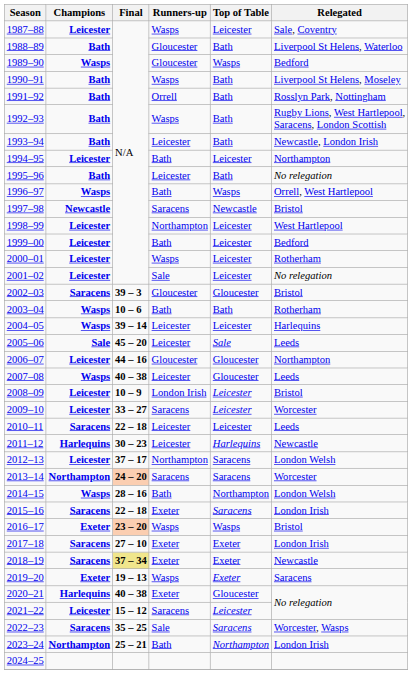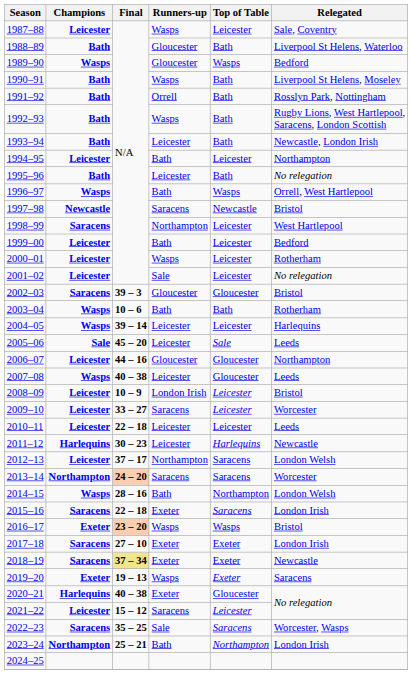 <table class="wikitable sortable">
 <tr>
 <th>Season</th>
 <th>Champions</th>
 <th>Final</th>
 <th>Runners-up</th>
 <th>Top of Table</th>
 <th>Relegated</th>
 </tr>
 <tr>
 <td><a href='#'>1987–88</a></td>
 <td style="text-align:right;"><strong><a href='#'>Leicester</a></strong></td>
 <td rowspan="15">N/A</td>
 <td><a href='#'>Wasps</a></td>
 <td><a href='#'>Leicester</a></td>
 <td><a href='#'>Sale</a>, <a href='#'>Coventry</a></td>
 </tr>
 <tr>
 <td><a href='#'>1988–89</a></td>
 <td style="text-align:right;"><strong><a href='#'>Bath</a></strong></td>
 <td><a href='#'>Gloucester</a></td>
 <td><a href='#'>Bath</a></td>
 <td><a href='#'>Liverpool St Helens</a>, <a href='#'>Waterloo</a></td>
 </tr>
 <tr>
 <td><a href='#'>1989–90</a></td>
 <td style="text-align:right;"><strong><a href='#'>Wasps</a></strong></td>
 <td><a href='#'>Gloucester</a></td>
 <td><a href='#'>Wasps</a></td>
 <td><a href='#'>Bedford</a></td>
 </tr>
 <tr>
 <td><a href='#'>1990–91</a></td>
 <td style="text-align:right;"><strong><a href='#'>Bath</a></strong></td>
 <td><a href='#'>Wasps</a></td>
 <td><a href='#'>Bath</a></td>
 <td><a href='#'>Liverpool St Helens</a>, <a href='#'>Moseley</a></td>
 </tr>
 <tr>
 <td><a href='#'>1991–92</a></td>
 <td style="text-align:right;"><strong><a href='#'>Bath</a></strong></td>
 <td><a href='#'>Orrell</a></td>
 <td><a href='#'>Bath</a></td>
 <td><a href='#'>Rosslyn Park</a>, <a href='#'>Nottingham</a></td>
 </tr>
 <tr>
 <td><a href='#'>1992–93</a></td>
 <td style="text-align:right;"><strong><a href='#'>Bath</a></strong></td>
 <td><a href='#'>Wasps</a></td>
 <td><a href='#'>Bath</a></td>
 <td><a href='#'>Rugby Lions</a>, <a href='#'>West Hartlepool</a>,<br><a href='#'>Saracens</a>, <a href='#'>London Scottish</a></td>
 </tr>
 <tr>
 <td><a href='#'>1993–94</a></td>
 <td style="text-align:right;"><strong><a href='#'>Bath</a></strong></td>
 <td><a href='#'>Leicester</a></td>
 <td><a href='#'>Bath</a></td>
 <td><a href='#'>Newcastle</a>, <a href='#'>London Irish</a></td>
 </tr>
 <tr>
 <td><a href='#'>1994–95</a></td>
 <td style="text-align:right;"><strong><a href='#'>Leicester</a></strong></td>
 <td><a href='#'>Bath</a></td>
 <td><a href='#'>Leicester</a></td>
 <td><a href='#'>Northampton</a></td>
 </tr>
 <tr>
 <td><a href='#'>1995–96</a></td>
 <td style="text-align:right;"><strong><a href='#'>Bath</a></strong></td>
 <td><a href='#'>Leicester</a></td>
 <td><a href='#'>Bath</a></td>
 <td><em>No relegation</em></td>
 </tr>
 <tr>
 <td><a href='#'>1996–97</a></td>
 <td style="text-align:right;"><strong><a href='#'>Wasps</a></strong></td>
 <td><a href='#'>Bath</a></td>
 <td><a href='#'>Wasps</a></td>
 <td><a href='#'>Orrell</a>, <a href='#'>West Hartlepool</a></td>
 </tr>
 <tr>
 <td><a href='#'>1997–98</a></td>
 <td style="text-align:right;"><strong><a href='#'>Newcastle</a></strong></td>
 <td><a href='#'>Saracens</a></td>
 <td><a href='#'>Newcastle</a></td>
 <td><a href='#'>Bristol</a></td>
 </tr>
 <tr>
 <td><a href='#'>1998–99</a></td>
-<td style="text-align:right;"><strong><a href='#'>Leicester</a></strong></td>
+<td style="text-align:right;"><strong><a href='#'>Saracens</a></strong></td>
 <td><a href='#'>Northampton</a></td>
 <td><a href='#'>Leicester</a></td>
 <td><a href='#'>West Hartlepool</a></td>
 </tr>
 <tr>
 <td><a href='#'>1999–00</a></td>
 <td style="text-align:right;"><strong><a href='#'>Leicester</a></strong></td>
 <td><a href='#'>Bath</a></td>
 <td><a href='#'>Leicester</a></td>
 <td><a href='#'>Bedford</a></td>
 </tr>
 <tr>
 <td><a href='#'>2000–01</a></td>
 <td style="text-align:right;"><strong><a href='#'>Leicester</a></strong></td>
 <td><a href='#'>Wasps</a></td>
 <td><a href='#'>Leicester</a></td>
 <td><a href='#'>Rotherham</a></td>
 </tr>
 <tr>
 <td><a href='#'>2001–02</a></td>
 <td style="text-align:right;"><strong><a href='#'>Leicester</a></strong></td>
 <td><a href='#'>Sale</a></td>
 <td><a href='#'>Leicester</a></td>
 <td><em>No relegation</em></td>
 </tr>
 <tr>
 <td><a href='#'>2002–03</a></td>
 <td style="text-align:right;"><strong><a href='#'>Saracens</a></strong></td>
 <td><strong>39 – 3</strong></td>
 <td><a href='#'>Gloucester</a></td>
 <td><a href='#'>Gloucester</a></td>
 <td><a href='#'>Bristol</a></td>
 </tr>
 <tr>
 <td><a href='#'>2003–04</a></td>
 <td style="text-align:right;"><strong><a href='#'>Wasps</a></strong></td>
 <td><strong>10 – 6</strong></td>
 <td><a href='#'>Bath</a></td>
 <td><a href='#'>Bath</a></td>
 <td><a href='#'>Rotherham</a></td>
 </tr>
 <tr>
 <td><a href='#'>2004–05</a></td>
 <td style="text-align:right;"><strong><a href='#'>Wasps</a></strong></td>
 <td><strong>39 – 14</strong></td>
 <td><a href='#'>Leicester</a></td>
 <td><a href='#'>Leicester</a></td>
 <td><a href='#'>Harlequins</a></td>
 </tr>
 <tr>
 <td><a href='#'>2005–06</a></td>
 <td style="text-align:right;"><strong><a href='#'>Sale</a></strong></td>
 <td><strong>45 – 20</strong></td>
 <td><a href='#'>Leicester</a></td>
 <td><a href='#'><em>Sale</em></a></td>
 <td><a href='#'>Leeds</a></td>
 </tr>
 <tr>
 <td><a href='#'>2006–07</a></td>
 <td style="text-align:right;"><strong><a href='#'>Leicester</a></strong></td>
 <td><strong>44 – 16</strong></td>
 <td><a href='#'>Gloucester</a></td>
 <td><a href='#'>Gloucester</a></td>
 <td><a href='#'>Northampton</a></td>
 </tr>
 <tr>
 <td><a href='#'>2007–08</a></td>
 <td style="text-align:right;"><strong><a href='#'>Wasps</a></strong></td>
 <td><strong>40 – 38</strong></td>
 <td><a href='#'>Leicester</a></td>
 <td><a href='#'>Gloucester</a></td>
 <td><a href='#'>Leeds</a></td>
 </tr>
 <tr>
 <td><a href='#'>2008–09</a></td>
 <td style="text-align:right;"><strong><a href='#'>Leicester</a></strong></td>
 <td><strong>10 – 9</strong></td>
 <td><a href='#'>London Irish</a></td>
 <td><a href='#'><em>Leicester</em></a></td>
 <td><a href='#'>Bristol</a></td>
 </tr>
 <tr>
 <td><a href='#'>2009–10</a></td>
 <td style="text-align:right;"><strong><a href='#'>Leicester</a></strong></td>
 <td><strong>33 – 27</strong></td>
 <td><a href='#'>Saracens</a></td>
 <td><a href='#'><em>Leicester</em></a></td>
 <td><a href='#'>Worcester</a></td>
 </tr>
 <tr>
 <td><a href='#'>2010–11</a></td>
-<td style="text-align:right;"><strong><a href='#'>Saracens</a></strong></td>
+<td style="text-align:right;"><strong><a href='#'>Leicester</a></strong></td>
 <td><strong>22 – 18</strong></td>
 <td><a href='#'>Leicester</a></td>
 <td><a href='#'>Leicester</a></td>
 <td><a href='#'>Leeds</a></td>
 </tr>
 <tr>
 <td><a href='#'>2011–12</a></td>
 <td style="text-align:right;"><strong><a href='#'>Harlequins</a></strong></td>
 <td><strong>30 – 23</strong></td>
 <td><a href='#'>Leicester</a></td>
 <td><a href='#'><em>Harlequins</em></a></td>
 <td><a href='#'>Newcastle</a></td>
 </tr>
 <tr>
 <td><a href='#'>2012–13</a></td>
 <td style="text-align:right;"><strong><a href='#'>Leicester</a></strong></td>
 <td><strong>37 – 17</strong></td>
 <td><a href='#'>Northampton</a></td>
 <td><a href='#'>Saracens</a></td>
 <td><a href='#'>London Welsh</a></td>
 </tr>
 <tr>
 <td><a href='#'>2013–14</a></td>
 <td style="text-align:right;"><strong><a href='#'>Northampton</a></strong></td>
 <td style="background:#fbceb1"><strong>24 – 20</strong></td>
 <td><a href='#'>Saracens</a></td>
 <td><a href='#'>Saracens</a></td>
 <td><a href='#'>Worcester</a></td>
 </tr>
 <tr>
 <td><a href='#'>2014–15</a></td>
 <td style="text-align:right;"><strong><a href='#'>Wasps</a></strong></td>
 <td><strong>28 – 16</strong></td>
 <td><a href='#'>Bath</a></td>
 <td><a href='#'>Northampton</a></td>
 <td><a href='#'>London Welsh</a></td>
 </tr>
 <tr>
 <td><a href='#'>2015–16</a></td>
 <td style="text-align:right;"><strong><a href='#'>Saracens</a></strong></td>
 <td><strong>22 – 18</strong></td>
 <td><a href='#'>Exeter</a></td>
 <td><a href='#'><em>Saracens</em></a></td>
 <td><a href='#'>London Irish</a></td>
 </tr>
 <tr>
 <td><a href='#'>2016–17</a></td>
 <td style="text-align:right;"><strong><a href='#'>Exeter</a></strong></td>
 <td style="background:#fbceb1"><strong>23 – 20</strong></td>
 <td><a href='#'>Wasps</a></td>
 <td><a href='#'>Wasps</a></td>
 <td><a href='#'>Bristol</a></td>
 </tr>
 <tr>
 <td><a href='#'>2017–18</a></td>
 <td style="text-align:right;"><strong><a href='#'>Saracens</a></strong></td>
 <td><strong>27 – 10</strong></td>
 <td><a href='#'>Exeter</a></td>
 <td><a href='#'>Exeter</a></td>
 <td><a href='#'>London Irish</a></td>
 </tr>
 <tr>
 <td><a href='#'>2018–19</a></td>
 <td style="text-align:right;"><strong><a href='#'>Saracens</a></strong></td>
 <td style="background: khaki;"><strong>37 – 34</strong></td>
 <td><a href='#'>Exeter</a></td>
 <td><a href='#'>Exeter</a></td>
 <td><a href='#'>Newcastle</a></td>
 </tr>
 <tr>
 <td><a href='#'>2019–20</a></td>
 <td style="text-align:right;"><strong><a href='#'>Exeter</a></strong></td>
 <td><strong>19 – 13</strong></td>
 <td><a href='#'>Wasps</a></td>
 <td><a href='#'><em>Exeter</em></a></td>
 <td><a href='#'>Saracens</a></td>
 </tr>
 <tr>
 <td><a href='#'>2020–21</a></td>
 <td style="text-align:right;"><strong><a href='#'>Harlequins</a></strong></td>
 <td><strong>40 – 38</strong></td>
 <td><a href='#'>Exeter</a></td>
 <td><a href='#'>Gloucester</a></td>
 <td rowspan="2"><em>No relegation</em></td>
 </tr>
 <tr>
 <td><a href='#'>2021–22</a></td>
 <td style="text-align:right;"><strong><a href='#'>Leicester</a></strong></td>
 <td><strong>15 – 12</strong></td>
 <td><a href='#'>Saracens</a></td>
 <td><a href='#'><em>Leicester</em></a></td>
 </tr>
 <tr>
 <td><a href='#'>2022–23</a></td>
 <td style="text-align:right;"><strong><a href='#'>Saracens</a></strong></td>
 <td><strong>35 – 25</strong></td>
 <td><a href='#'>Sale</a></td>
 <td><a href='#'><em>Saracens</em></a></td>
 <td><a href='#'>Worcester</a>, <a href='#'>Wasps</a></td>
 </tr>
 <tr>
 <td><a href='#'>2023–24</a></td>
 <td style="text-align:right;"><strong><a href='#'>Northampton</a></strong></td>
 <td><strong>25 – 21</strong></td>
 <td><a href='#'>Bath</a></td>
 <td><em><a href='#'>Northampton</a></em></td>
 <td><a href='#'>London Irish</a></td>
 </tr>
 <tr>
 <td><a href='#'>2024–25</a></td>
 <td style="text-align:right;"></td>
 <td></td>
 <td></td>
 <td></td>
 <td></td>
 </tr>
 <tr>
 </tr>
 </table>
